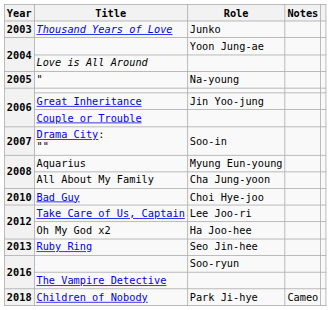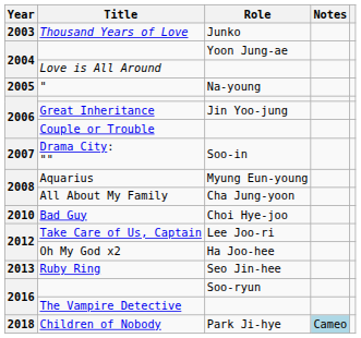 <table class="wikitable plainrowheaders sortable">
 <tr>
 <th scope="col">Year</th>
 <th scope="col">Title</th>
 <th scope="col">Role</th>
 <th scope="col">Notes</th>
 <th scope="col" class="unsortable"></th>
 </tr>
 <tr>
 <th scope="row">2003</th>
 <td><em><a href='#'>Thousand Years of Love</a></em></td>
 <td>Junko</td>
 <td></td>
 <td style="text-align:center"></td>
 </tr>
 <tr>
 <th scope="row" rowspan="2">2004</th>
 <td><em></em></td>
 <td>Yoon Jung-ae</td>
 <td></td>
 <td style="text-align:center"></td>
 </tr>
 <tr>
 <td><em>Love is All Around</em></td>
 <td></td>
 <td></td>
 <td style="text-align:center"></td>
 </tr>
 <tr>
 <th scope="row">2005</th>
 <td><em>"</td>
 <td>Na-young</td>
 <td></td>
 <td style="text-align:center"></td>
 </tr>
 <tr>
 <th scope="row" rowspan="3">2006</th>
 <td></em><em></td>
 <td></td>
 <td></td>
 <td style="text-align:center"></td>
 </tr>
 <tr>
 <td></em><a href='#'>Great Inheritance</a><em></td>
 <td>Jin Yoo-jung</td>
 <td></td>
 <td style="text-align:center"></td>
 </tr>
 <tr>
 <td></em><a href='#'>Couple or Trouble</a><em></td>
 <td></td>
 <td></td>
 <td style="text-align:center"></td>
 </tr>
 <tr>
 <th scope="row">2007</th>
 <td></em><a href='#'>Drama City</a>:<em><br>""</td>
 <td>Soo-in</td>
 <td></td>
 <td style="text-align:center"></td>
 </tr>
 <tr>
 <th scope="row" rowspan="2">2008</th>
 <td></em>Aquarius<em></td>
 <td>Myung Eun-young</td>
 <td></td>
 <td style="text-align:center"></td>
 </tr>
 <tr>
 <td></em>All About My Family<em></td>
 <td>Cha Jung-yoon</td>
 <td></td>
 <td style="text-align:center"></td>
 </tr>
 <tr>
 <th scope="row">2010</th>
 <td></em><a href='#'>Bad Guy</a><em></td>
 <td>Choi Hye-joo</td>
 <td></td>
 <td style="text-align:center"></td>
 </tr>
 <tr>
 <th scope="row" rowspan="2">2012</th>
 <td></em><a href='#'>Take Care of Us, Captain</a><em></td>
 <td>Lee Joo-ri</td>
 <td></td>
 <td style="text-align:center"></td>
 </tr>
 <tr>
 <td></em>Oh My God x2<em></td>
 <td>Ha Joo-hee</td>
 <td></td>
 <td style="text-align:center"></td>
 </tr>
 <tr>
 <th scope="row">2013</th>
 <td></em><a href='#'>Ruby Ring</a><em></td>
 <td>Seo Jin-hee</td>
 <td></td>
 <td style="text-align:center"></td>
 </tr>
 <tr>
 <th scope="row" rowspan="2">2016</th>
 <td></em><em></td>
 <td>Soo-ryun</td>
 <td></td>
 <td style="text-align:center"></td>
 </tr>
 <tr>
 <td></em><a href='#'>The Vampire Detective</a><em></td>
 <td></td>
 <td></td>
 <td style="text-align:center"></td>
 </tr>
 <tr>
 <th scope="row">2018</th>
 <td></em><a href='#'>Children of Nobody</a><em></td>
 <td>Park Ji-hye</td>
-<td>Cameo</td>
+<td style="background: lightblue;">Cameo</td>
 <td style="text-align:center"></td>
 </tr>
 </table>
